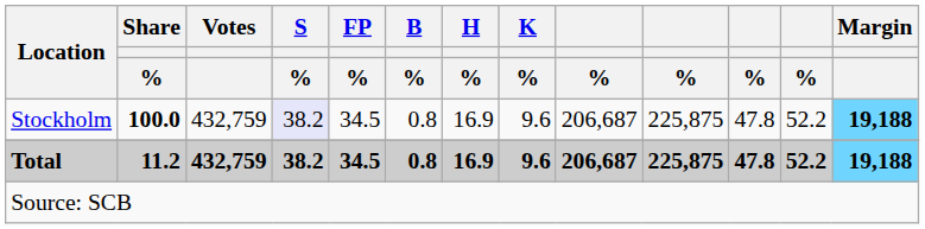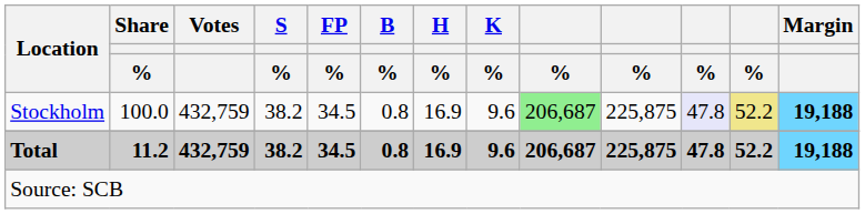 <table class="wikitable sortable" style="text-align:right; font-size:95%; line-height:20px;">
 <tr>
 <th rowspan="3">Location</th>
 <th>Share</th>
 <th>Votes</th>
 <th width="30px" class="unsortable"><a href='#'>S</a></th>
 <th width="30px" class="unsortable"><a href='#'>FP</a></th>
 <th width="30px" class="unsortable"><a href='#'>B</a></th>
 <th width="30px" class="unsortable"><a href='#'>H</a></th>
 <th width="30px" class="unsortable"><a href='#'>K</a></th>
 <th></th>
 <th></th>
 <th></th>
 <th></th>
 <th>Margin</th>
 </tr>
 <tr>
 <th></th>
 <th></th>
 <th style="background:"></th>
 <th style="background:"></th>
 <th style="background:"></th>
 <th style="background:"></th>
 <th style="background:"></th>
 <th style="background:"></th>
 <th style="background:"></th>
 <th style="background:"></th>
 <th style="background:"></th>
 <th></th>
 </tr>
 <tr>
 <th data-sort-type="number">%</th>
 <th></th>
 <th data-sort-type="number">%</th>
 <th data-sort-type="number">%</th>
 <th data-sort-type="number">%</th>
 <th data-sort-type="number">%</th>
 <th data-sort-type="number">%</th>
 <th data-sort-type="number">%</th>
 <th data-sort-type="number">%</th>
 <th data-sort-type="number">%</th>
 <th data-sort-type="number">%</th>
 <th data-sort-type="number"></th>
 </tr>
 <tr>
 <td align=left><a href='#'>Stockholm</a></td>
-<td><strong>100.0</strong></td>
+<td>100.0</td>
 <td>432,759</td>
-<td style="background: lavender;">38.2</td>
+<td>38.2</td>
 <td>34.5</td>
 <td>0.8</td>
 <td>16.9</td>
 <td>9.6</td>
-<td>206,687</td>
+<td style="background: lightgreen;">206,687</td>
 <td>225,875</td>
-<td>47.8</td>
-<td>52.2</td>
+<td style="background: lavender;">47.8</td>
+<td style="background: khaki;">52.2</td>
 <td bgcolor=#6fd5fe><strong>19,188</strong></td>
 </tr>
 <tr>
 </tr>
 <tr style="background:#CDCDCD;">
 <td align=left><strong>Total</strong></td>
 <td><strong>11.2</strong></td>
 <td><strong>432,759</strong></td>
 <td><strong>38.2</strong></td>
 <td><strong>34.5</strong></td>
 <td><strong>0.8</strong></td>
 <td><strong>16.9</strong></td>
 <td><strong>9.6</strong></td>
 <td><strong>206,687</strong></td>
 <td><strong>225,875</strong></td>
 <td><strong>47.8</strong></td>
 <td><strong>52.2</strong></td>
 <td bgcolor=#6fd5fe><strong>19,188</strong></td>
 </tr>
 <tr>
 <td align=left colspan=13>Source: SCB </td>
 </tr>
 </table>
